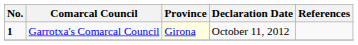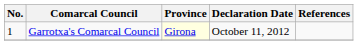 <table class="wikitable sortable">
 <tr>
 <th>No.</th>
 <th>Comarcal Council</th>
 <th>Province</th>
 <th>Declaration Date</th>
 <th>References</th>
 </tr>
 <tr>
-<td><strong>1</strong></td>
+<td>1</td>
 <td><a href='#'>Garrotxa's Comarcal Council</a></td>
 <td style="background: lightyellow;"><a href='#'>Girona</a></td>
 <td>October 11, 2012</td>
 <td></td>
 </tr>
 <tr>
 </tr>
 </table>
